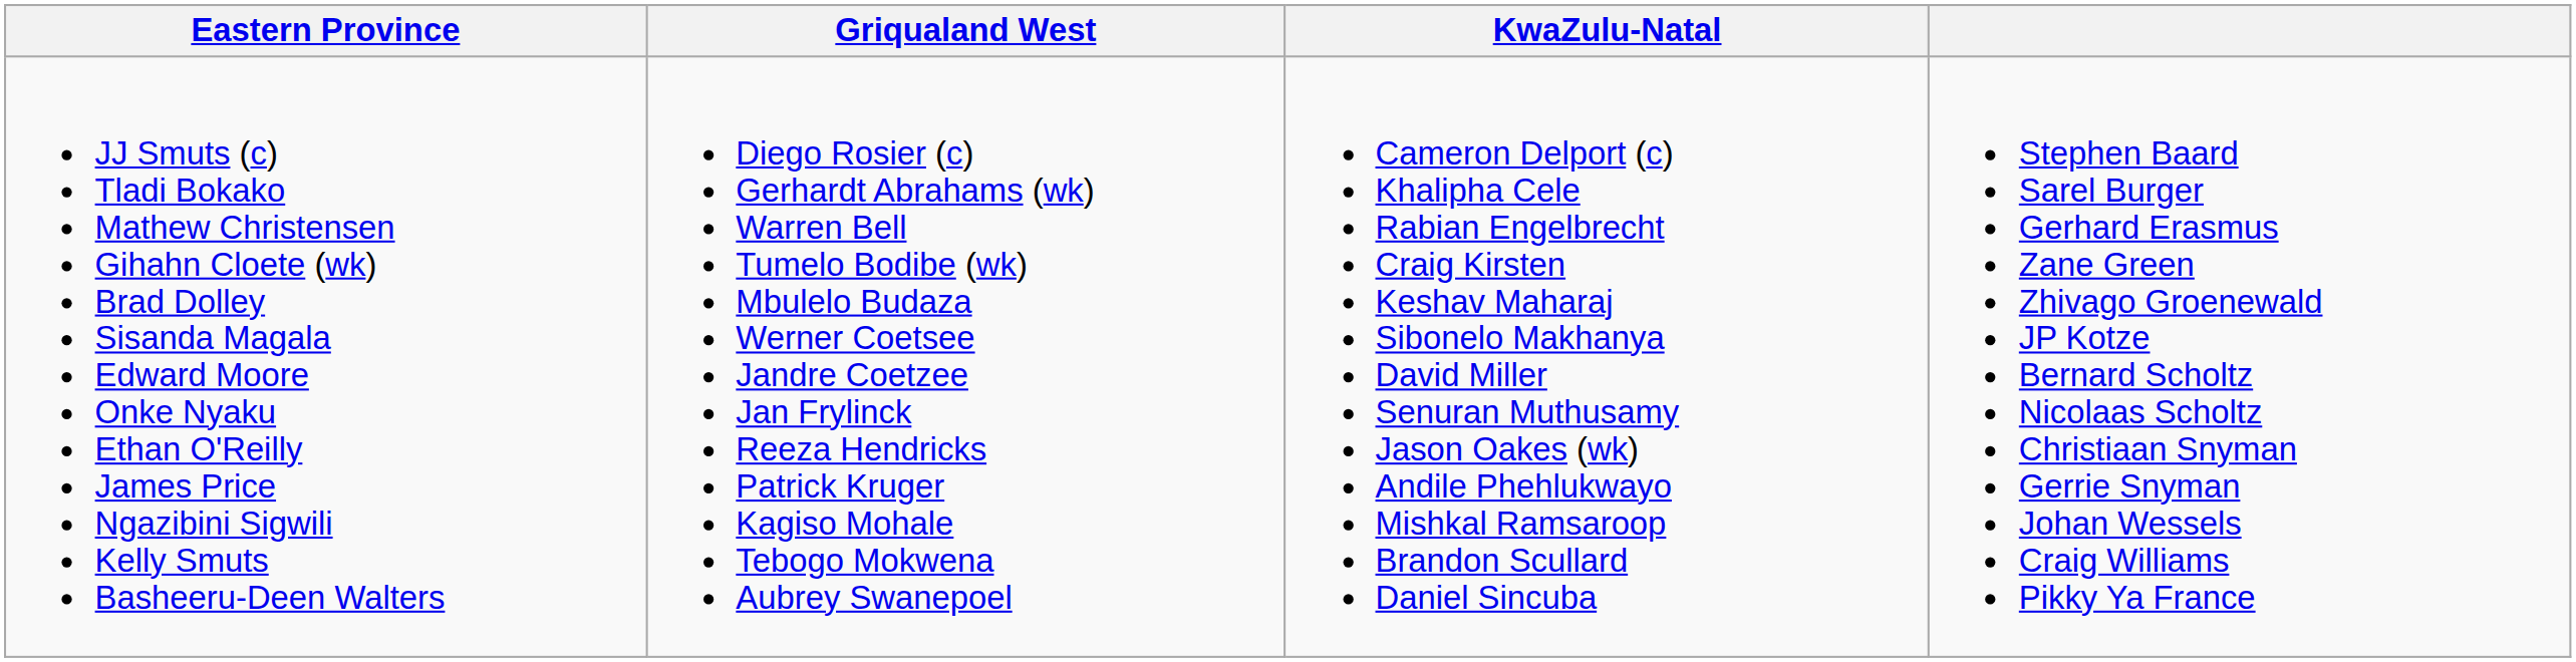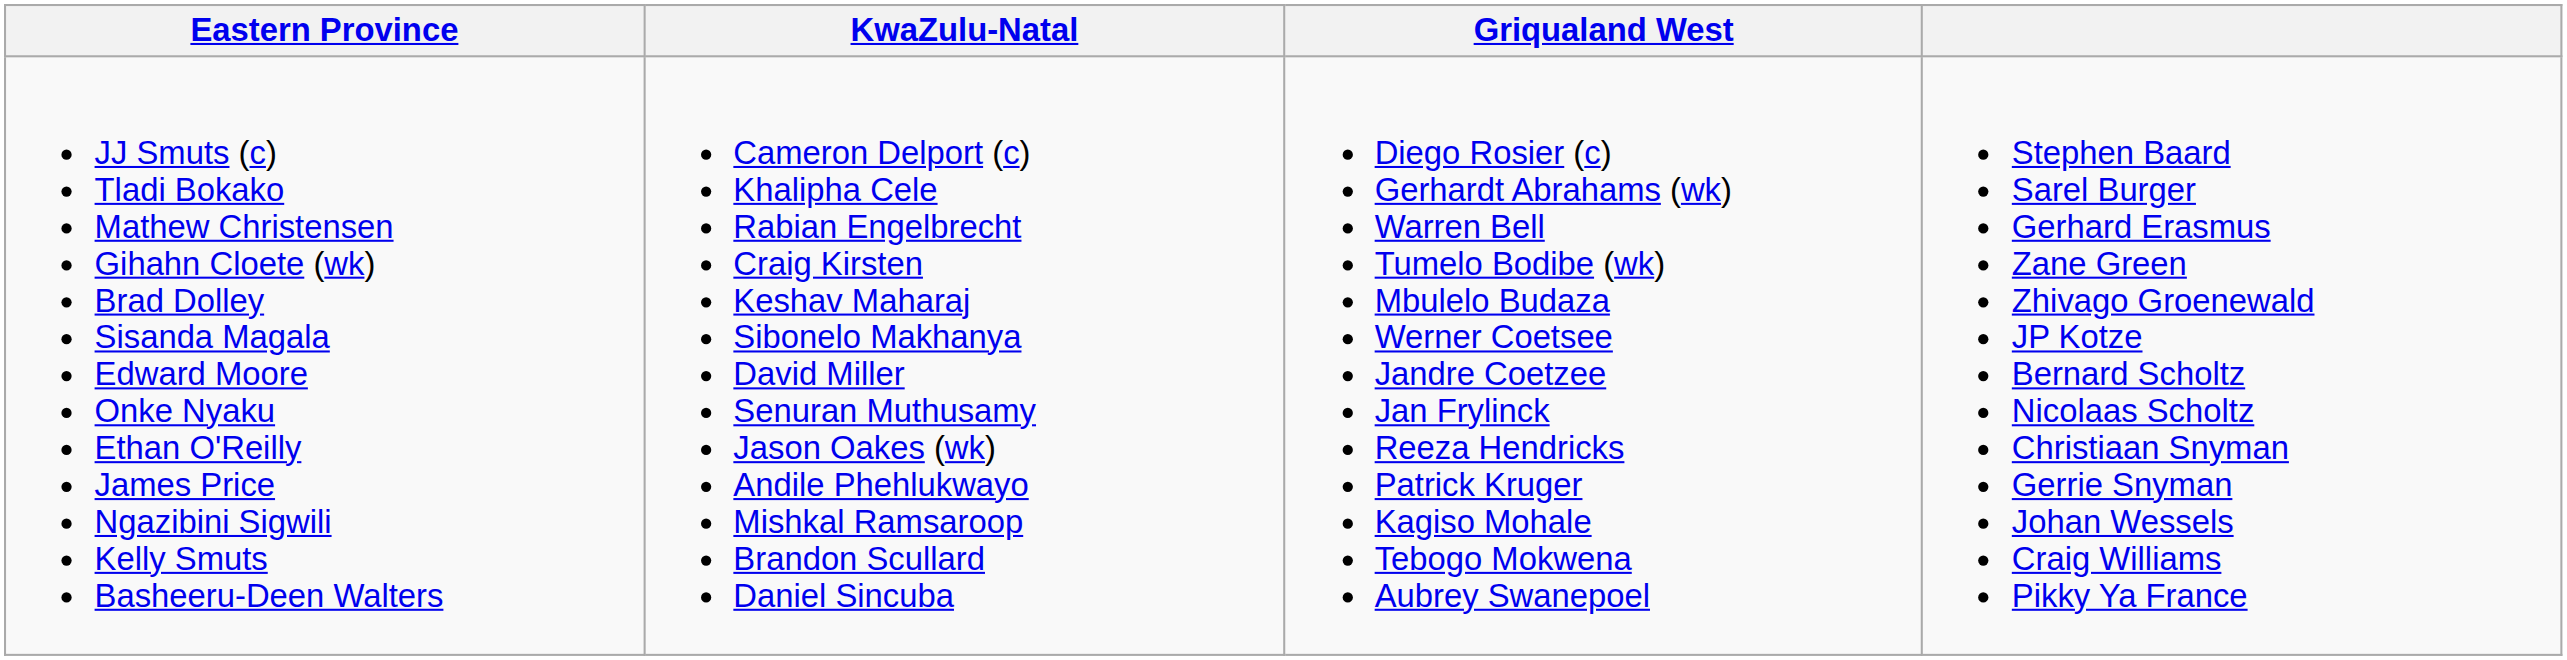 <table class="wikitable">
 <tr>
 <th width=330> <a href='#'>Eastern Province</a><br><small></small></th>
+<th width=330> <a href='#'>KwaZulu-Natal</a><br><small></small></th>
 <th width=330> <a href='#'>Griqualand West</a><br><small></small></th>
-<th width=330> <a href='#'>KwaZulu-Natal</a><br><small></small></th>
 <th width=330><br><small></small></th>
 </tr>
 <tr>
 <td valign=top><br><ul><li><a href='#'>JJ Smuts</a> (<a href='#'>c</a>)</li><li><a href='#'>Tladi Bokako</a></li><li><a href='#'>Mathew Christensen</a></li><li><a href='#'>Gihahn Cloete</a> (<a href='#'>wk</a>)</li><li><a href='#'>Brad Dolley</a></li><li><a href='#'>Sisanda Magala</a></li><li><a href='#'>Edward Moore</a></li><li><a href='#'>Onke Nyaku</a></li><li><a href='#'>Ethan O'Reilly</a></li><li><a href='#'>James Price</a></li><li><a href='#'>Ngazibini Sigwili</a></li><li><a href='#'>Kelly Smuts</a></li><li><a href='#'>Basheeru-Deen Walters</a></li></ul></td>
+<td valign=top><br><ul><li><a href='#'>Cameron Delport</a> (<a href='#'>c</a>)</li><li><a href='#'>Khalipha Cele</a></li><li><a href='#'>Rabian Engelbrecht</a></li><li><a href='#'>Craig Kirsten</a></li><li><a href='#'>Keshav Maharaj</a></li><li><a href='#'>Sibonelo Makhanya</a></li><li><a href='#'>David Miller</a></li><li><a href='#'>Senuran Muthusamy</a></li><li><a href='#'>Jason Oakes</a> (<a href='#'>wk</a>)</li><li><a href='#'>Andile Phehlukwayo</a></li><li><a href='#'>Mishkal Ramsaroop</a></li><li><a href='#'>Brandon Scullard</a></li><li><a href='#'>Daniel Sincuba</a></li></ul></td>
 <td valign=top><br><ul><li><a href='#'>Diego Rosier</a> (<a href='#'>c</a>)</li><li><a href='#'>Gerhardt Abrahams</a> (<a href='#'>wk</a>)</li><li><a href='#'>Warren Bell</a></li><li><a href='#'>Tumelo Bodibe</a> (<a href='#'>wk</a>)</li><li><a href='#'>Mbulelo Budaza</a></li><li><a href='#'>Werner Coetsee</a></li><li><a href='#'>Jandre Coetzee</a></li><li><a href='#'>Jan Frylinck</a></li><li><a href='#'>Reeza Hendricks</a></li><li><a href='#'>Patrick Kruger</a></li><li><a href='#'>Kagiso Mohale</a></li><li><a href='#'>Tebogo Mokwena</a></li><li><a href='#'>Aubrey Swanepoel</a></li></ul></td>
-<td valign=top><br><ul><li><a href='#'>Cameron Delport</a> (<a href='#'>c</a>)</li><li><a href='#'>Khalipha Cele</a></li><li><a href='#'>Rabian Engelbrecht</a></li><li><a href='#'>Craig Kirsten</a></li><li><a href='#'>Keshav Maharaj</a></li><li><a href='#'>Sibonelo Makhanya</a></li><li><a href='#'>David Miller</a></li><li><a href='#'>Senuran Muthusamy</a></li><li><a href='#'>Jason Oakes</a> (<a href='#'>wk</a>)</li><li><a href='#'>Andile Phehlukwayo</a></li><li><a href='#'>Mishkal Ramsaroop</a></li><li><a href='#'>Brandon Scullard</a></li><li><a href='#'>Daniel Sincuba</a></li></ul></td>
 <td valign=top><br><ul><li><a href='#'>Stephen Baard</a></li><li><a href='#'>Sarel Burger</a></li><li><a href='#'>Gerhard Erasmus</a></li><li><a href='#'>Zane Green</a></li><li><a href='#'>Zhivago Groenewald</a></li><li><a href='#'>JP Kotze</a></li><li><a href='#'>Bernard Scholtz</a></li><li><a href='#'>Nicolaas Scholtz</a></li><li><a href='#'>Christiaan Snyman</a></li><li><a href='#'>Gerrie Snyman</a></li><li><a href='#'>Johan Wessels</a></li><li><a href='#'>Craig Williams</a></li><li><a href='#'>Pikky Ya France</a></li></ul></td>
 </tr>
 </table>
